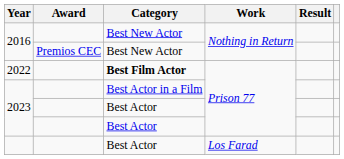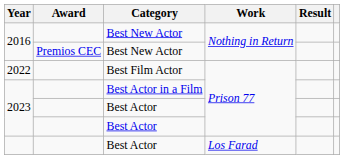 <table class="wikitable sortable">
 <tr>
 <th>Year</th>
 <th>Award</th>
 <th>Category</th>
 <th>Work</th>
 <th>Result</th>
 <th class="unsortable"></th>
 </tr>
 <tr>
 <td rowspan = "2" align = "center">2016</td>
 <td></td>
 <td><a href='#'>Best New Actor</a></td>
 <td rowspan="2"><em><a href='#'>Nothing in Return</a></em></td>
 <td></td>
 <td align = "center"></td>
 </tr>
 <tr>
 <td><a href='#'>Premios CEC</a></td>
 <td>Best New Actor</td>
 <td></td>
 <td align = "center"></td>
 </tr>
 <tr>
 <td align = "center">2022</td>
 <td></td>
-<td><strong>Best Film Actor</strong></td>
+<td>Best Film Actor</td>
 <td rowspan = "4"><em><a href='#'>Prison 77</a></em></td>
 <td></td>
 <td align = "center"></td>
 </tr>
 <tr>
 <td rowspan = "3" align = "center">2023</td>
 <td></td>
 <td><a href='#'>Best Actor in a Film</a></td>
 <td></td>
 <td align = "center"></td>
 </tr>
 <tr>
 <td></td>
 <td>Best Actor</td>
 <td></td>
 <td align = "center"></td>
 </tr>
 <tr>
 <td></td>
 <td><a href='#'>Best Actor</a></td>
 <td></td>
 <td align = "center"></td>
 </tr>
 <tr>
 <td></td>
 <td></td>
 <td>Best Actor</td>
 <td><em><a href='#'>Los Farad</a></em></td>
 <td></td>
 <td></td>
 </tr>
 </table>
